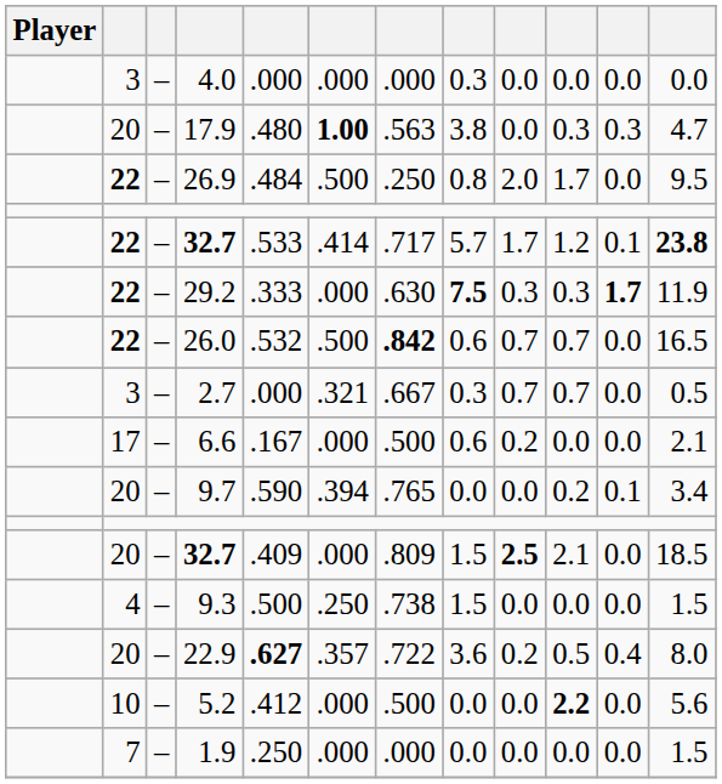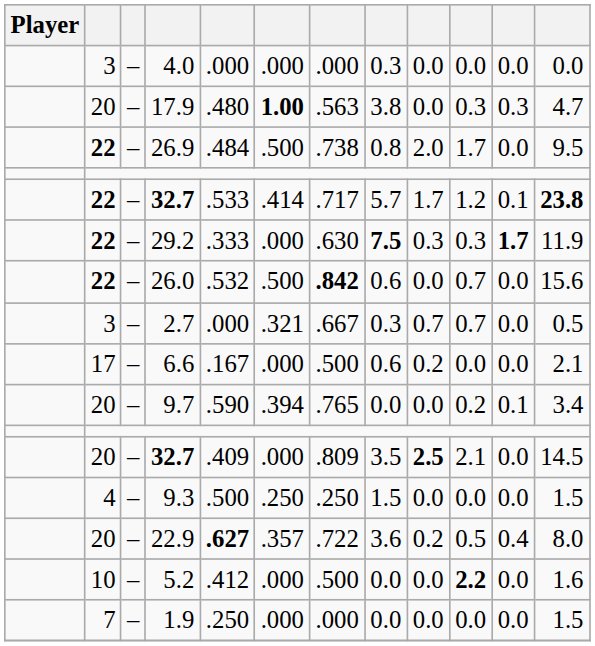 <table class="wikitable sortable" style="font-size:95%; text-align:right;">
 <tr>
 <th>Player</th>
 <th></th>
 <th></th>
 <th></th>
 <th></th>
 <th></th>
 <th></th>
 <th></th>
 <th></th>
 <th></th>
 <th></th>
 <th></th>
 </tr>
 <tr>
 <td><strong></strong></td>
 <td>3</td>
 <td>–</td>
 <td>4.0</td>
 <td>.000</td>
 <td>.000</td>
 <td>.000</td>
 <td>0.3</td>
 <td>0.0</td>
 <td>0.0</td>
 <td>0.0</td>
 <td>0.0</td>
 </tr>
 <tr>
 <td><strong></strong></td>
 <td>20</td>
 <td>–</td>
 <td>17.9</td>
 <td>.480</td>
 <td><strong>1.00</strong></td>
 <td>.563</td>
 <td>3.8</td>
 <td>0.0</td>
 <td>0.3</td>
 <td>0.3</td>
 <td>4.7</td>
 </tr>
 <tr>
 <td><strong></strong></td>
 <td><strong>22</strong></td>
 <td>–</td>
 <td>26.9</td>
 <td>.484</td>
 <td>.500</td>
-<td>.250</td>
+<td>.738</td>
 <td>0.8</td>
 <td>2.0</td>
 <td>1.7</td>
 <td>0.0</td>
 <td>9.5</td>
 </tr>
 <tr>
 <td><strong></strong></td>
 <td colspan=12></td>
 </tr>
 <tr>
 <td><strong></strong></td>
 <td><strong>22</strong></td>
 <td>–</td>
 <td><strong>32.7</strong></td>
 <td>.533</td>
 <td>.414</td>
 <td>.717</td>
 <td>5.7</td>
 <td>1.7</td>
 <td>1.2</td>
 <td>0.1</td>
 <td><strong>23.8</strong></td>
 </tr>
 <tr>
 <td><strong></strong></td>
 <td><strong>22</strong></td>
 <td>–</td>
 <td>29.2</td>
 <td>.333</td>
 <td>.000</td>
 <td>.630</td>
 <td><strong>7.5</strong></td>
 <td>0.3</td>
 <td>0.3</td>
 <td><strong>1.7</strong></td>
 <td>11.9</td>
 </tr>
 <tr>
 <td><strong></strong></td>
 <td><strong>22</strong></td>
 <td>–</td>
 <td>26.0</td>
 <td>.532</td>
 <td>.500</td>
 <td><strong>.842</strong></td>
 <td>0.6</td>
-<td>0.7</td>
+<td>0.0</td>
 <td>0.7</td>
 <td>0.0</td>
-<td>16.5</td>
+<td>15.6</td>
 </tr>
 <tr>
 <td><strong></strong></td>
 <td>3</td>
 <td>–</td>
 <td>2.7</td>
 <td>.000</td>
 <td>.321</td>
 <td>.667</td>
 <td>0.3</td>
 <td>0.7</td>
 <td>0.7</td>
 <td>0.0</td>
 <td>0.5</td>
 </tr>
 <tr>
 <td><strong></strong></td>
 <td>17</td>
 <td>–</td>
 <td>6.6</td>
 <td>.167</td>
 <td>.000</td>
 <td>.500</td>
 <td>0.6</td>
 <td>0.2</td>
 <td>0.0</td>
 <td>0.0</td>
 <td>2.1</td>
 </tr>
 <tr>
 <td><strong></strong></td>
 <td>20</td>
 <td>–</td>
 <td>9.7</td>
 <td>.590</td>
 <td>.394</td>
 <td>.765</td>
 <td>0.0</td>
 <td>0.0</td>
 <td>0.2</td>
 <td>0.1</td>
 <td>3.4</td>
 </tr>
 <tr>
 <td><strong></strong></td>
 <td colspan=12></td>
 </tr>
 <tr>
 <td><strong></strong></td>
 <td>20</td>
 <td>–</td>
 <td><strong>32.7</strong></td>
 <td>.409</td>
 <td>.000</td>
 <td>.809</td>
-<td>1.5</td>
+<td>3.5</td>
 <td><strong>2.5</strong></td>
 <td>2.1</td>
 <td>0.0</td>
-<td>18.5</td>
+<td>14.5</td>
 </tr>
 <tr>
 <td><strong></strong></td>
 <td>4</td>
 <td>–</td>
 <td>9.3</td>
 <td>.500</td>
 <td>.250</td>
-<td>.738</td>
+<td>.250</td>
 <td>1.5</td>
 <td>0.0</td>
 <td>0.0</td>
 <td>0.0</td>
 <td>1.5</td>
 </tr>
 <tr>
 <td><strong></strong></td>
 <td>20</td>
 <td>–</td>
 <td>22.9</td>
 <td><strong>.627</strong></td>
 <td>.357</td>
 <td>.722</td>
 <td>3.6</td>
 <td>0.2</td>
 <td>0.5</td>
 <td>0.4</td>
 <td>8.0</td>
 </tr>
 <tr>
 <td><strong></strong></td>
 <td>10</td>
 <td>–</td>
 <td>5.2</td>
 <td>.412</td>
 <td>.000</td>
 <td>.500</td>
 <td>0.0</td>
 <td>0.0</td>
 <td><strong>2.2</strong></td>
 <td>0.0</td>
-<td>5.6</td>
+<td>1.6</td>
 </tr>
 <tr>
 <td><strong></strong></td>
 <td>7</td>
 <td>–</td>
 <td>1.9</td>
 <td>.250</td>
 <td>.000</td>
 <td>.000</td>
 <td>0.0</td>
 <td>0.0</td>
 <td>0.0</td>
 <td>0.0</td>
 <td>1.5</td>
 </tr>
 <tr class="sortbottom">
 </tr>
 </table>
